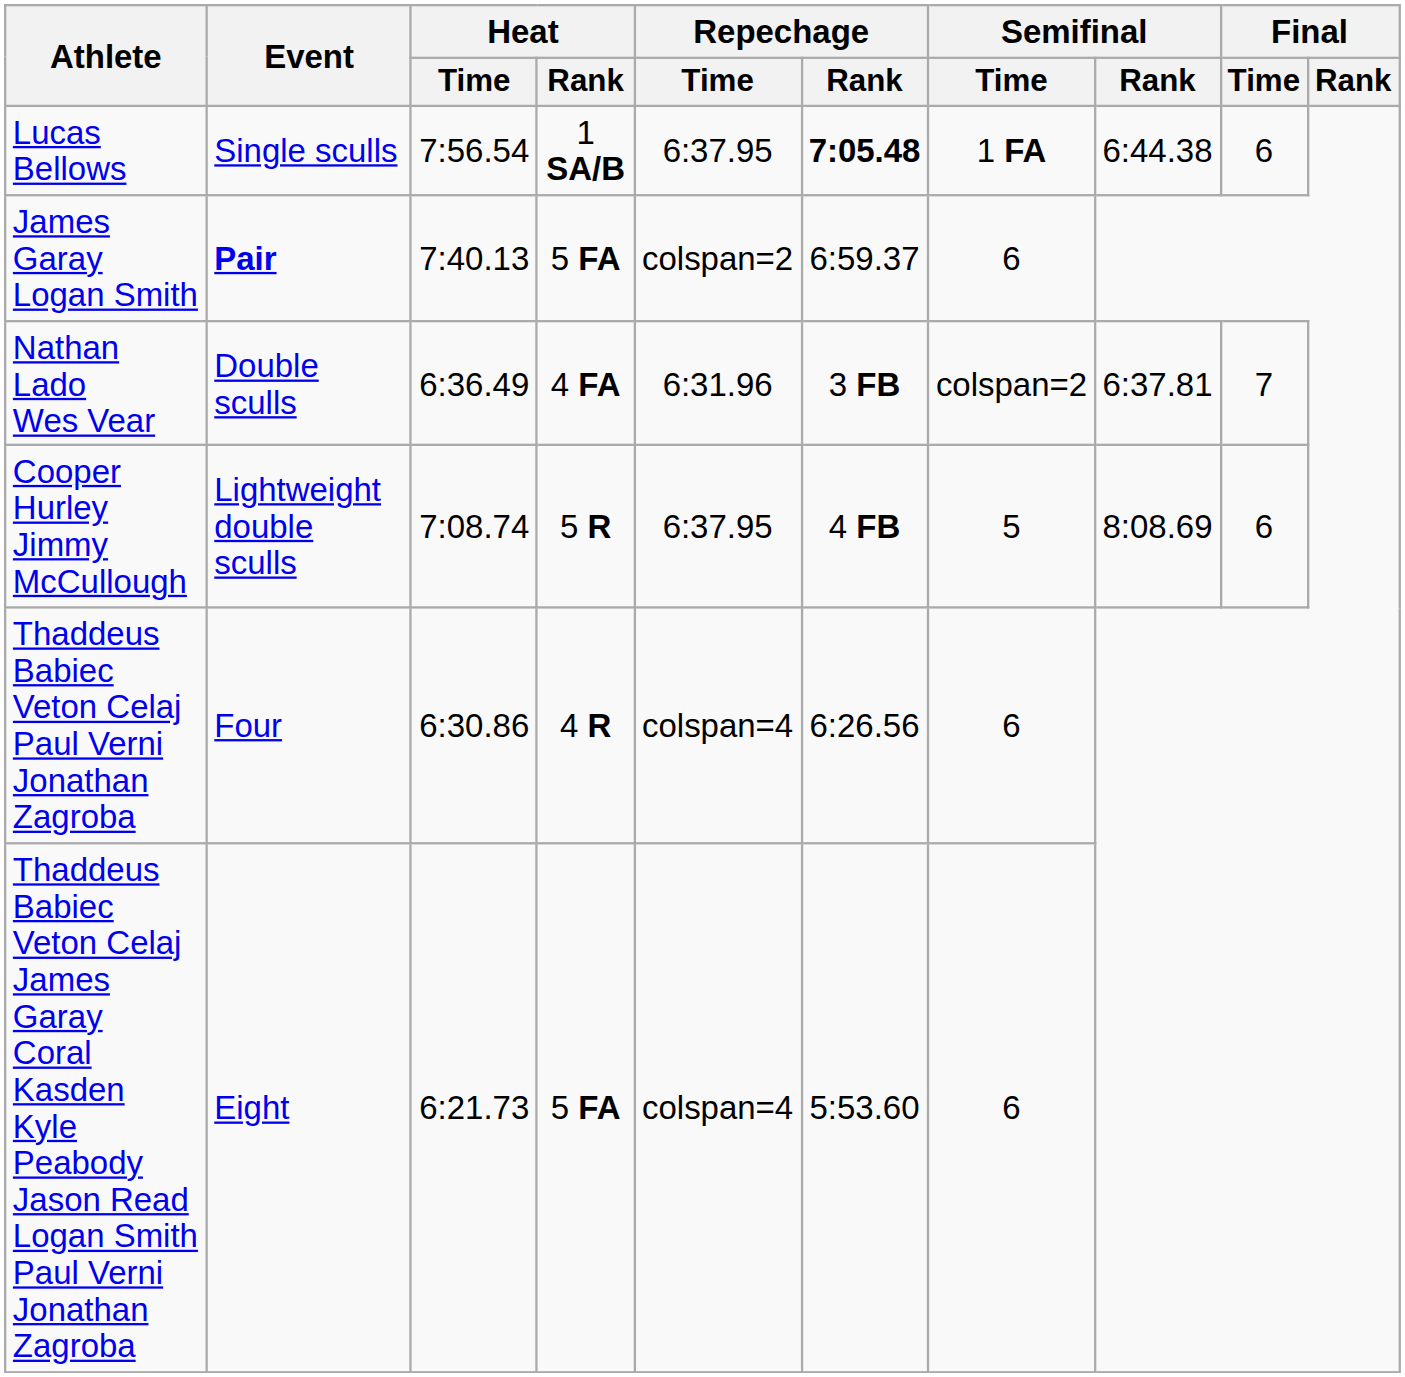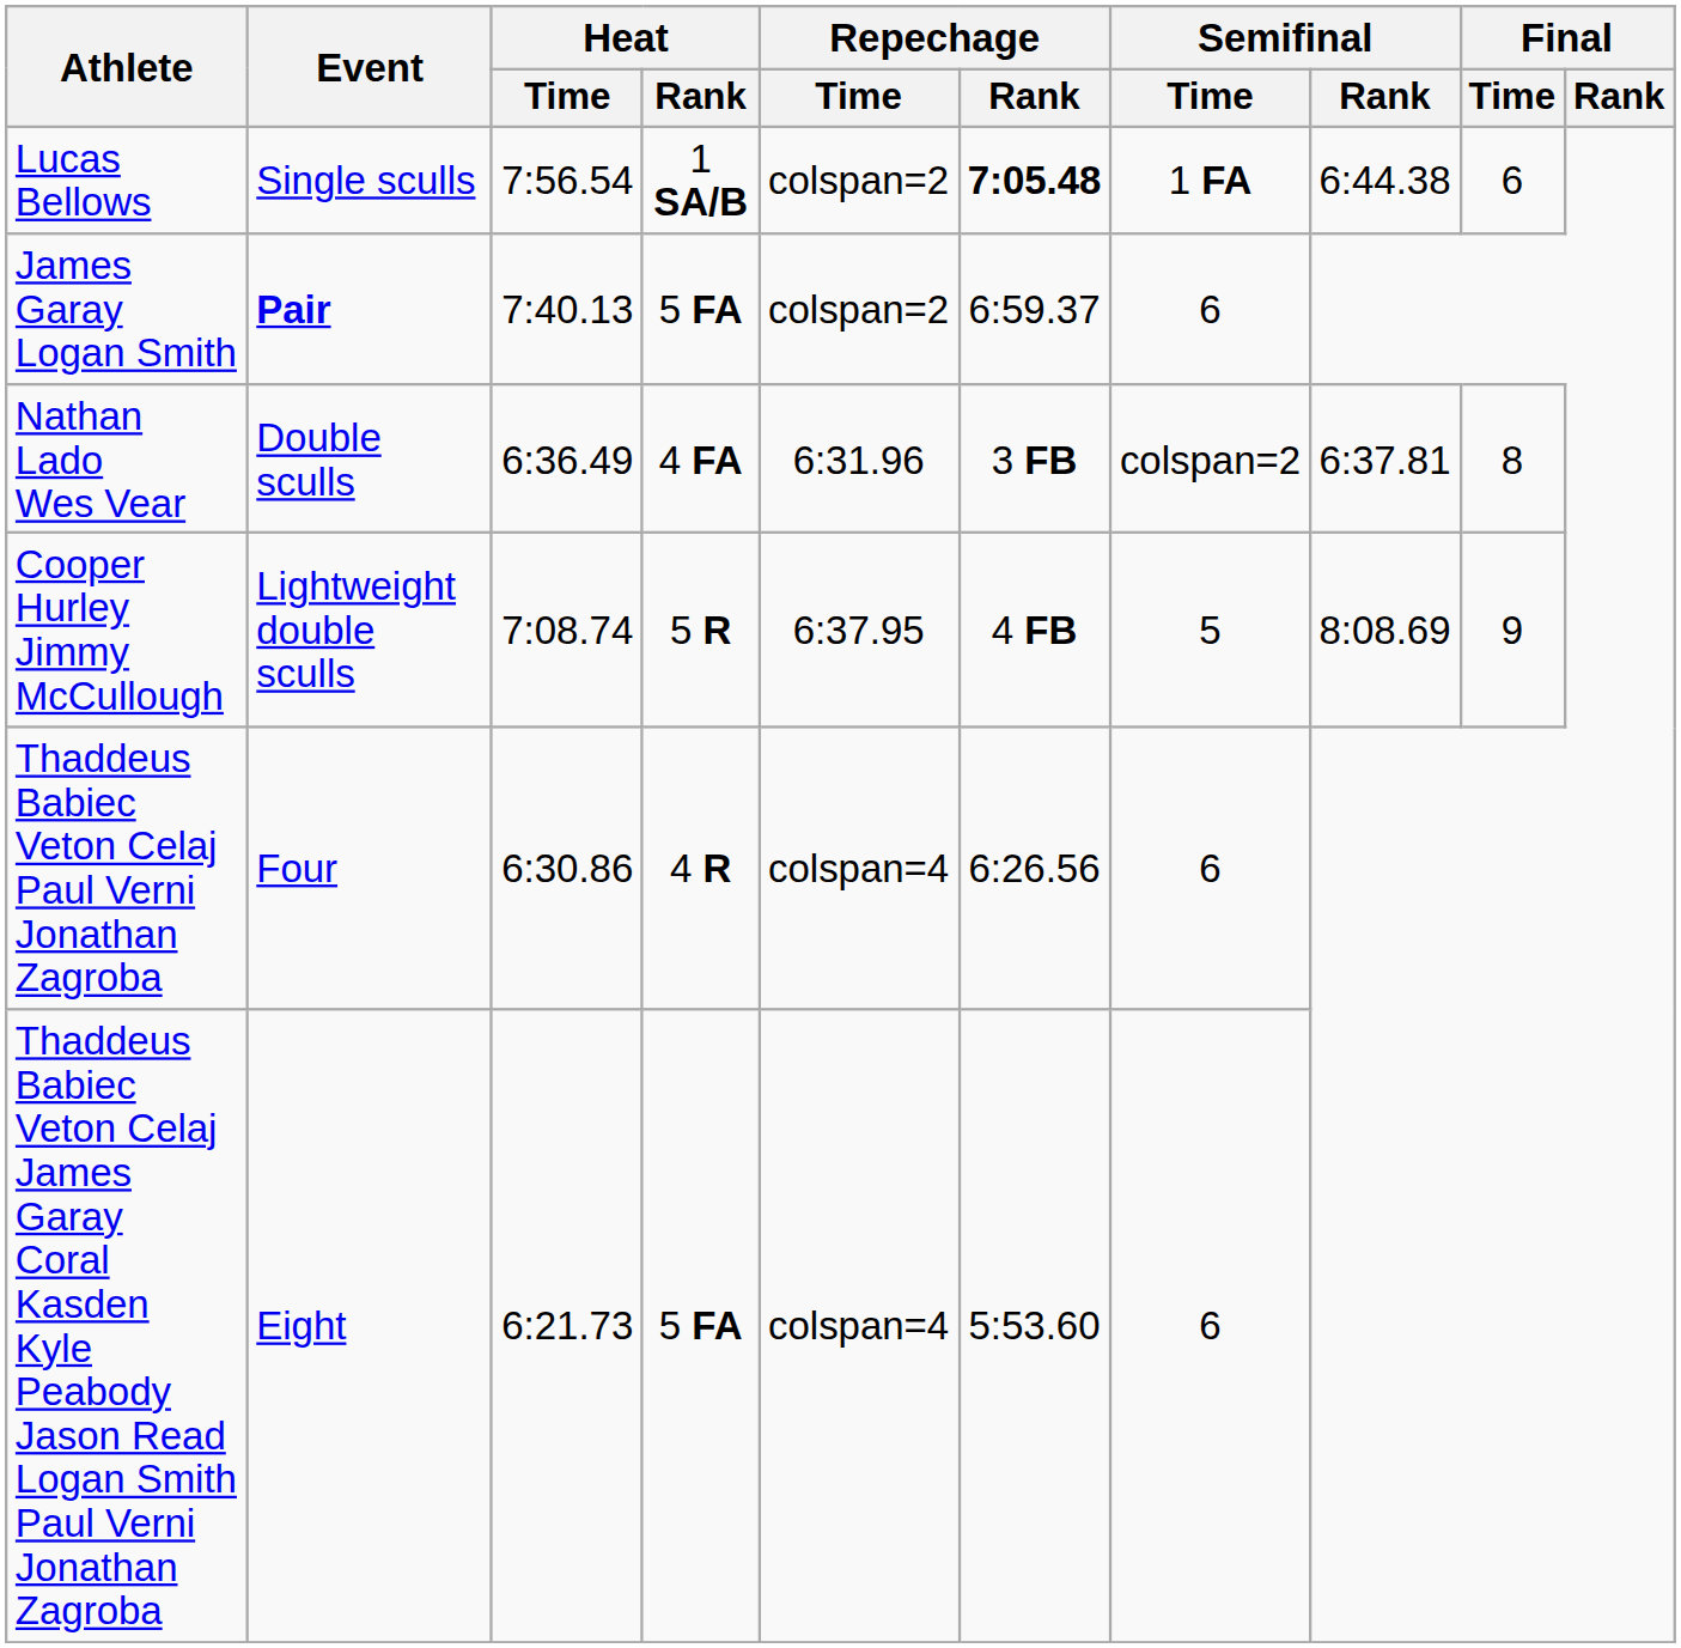 <table class=wikitable style=font-size:90%;text-align:center>
 <tr>
 <th rowspan=2>Athlete</th>
 <th rowspan=2>Event</th>
 <th colspan=2>Heat</th>
 <th colspan=2>Repechage</th>
 <th colspan=2>Semifinal</th>
 <th colspan=2>Final</th>
 </tr>
 <tr style=font-size:95%>
 <th>Time</th>
 <th>Rank</th>
 <th>Time</th>
 <th>Rank</th>
 <th>Time</th>
 <th>Rank</th>
 <th>Time</th>
 <th>Rank</th>
 </tr>
 <tr>
 <td align=left><a href='#'>Lucas Bellows</a></td>
 <td align=left><a href='#'>Single sculls</a></td>
 <td>7:56.54</td>
 <td>1 <strong>SA/B</strong></td>
-<td>6:37.95</td>
+<td>colspan=2 </td>
 <td><strong>7:05.48</strong></td>
 <td>1 <strong>FA</strong></td>
 <td>6:44.38</td>
 <td>6</td>
 </tr>
 <tr>
 <td align=left><a href='#'>James Garay</a><br><a href='#'>Logan Smith</a></td>
 <td align=left><strong><a href='#'>Pair</a></strong></td>
 <td>7:40.13</td>
 <td>5 <strong>FA</strong></td>
 <td>colspan=2 </td>
 <td>6:59.37</td>
 <td>6</td>
 </tr>
 <tr>
 <td align=left><a href='#'>Nathan Lado</a><br><a href='#'>Wes Vear</a></td>
 <td align=left><a href='#'>Double sculls</a></td>
 <td>6:36.49</td>
 <td>4 <strong>FA</strong></td>
 <td>6:31.96</td>
 <td>3 <strong>FB</strong></td>
 <td>colspan=2 </td>
 <td>6:37.81</td>
-<td>7</td>
+<td>8</td>
 </tr>
 <tr>
 <td align=left><a href='#'>Cooper Hurley</a><br><a href='#'>Jimmy McCullough</a></td>
 <td align=left><a href='#'>Lightweight double sculls</a></td>
 <td>7:08.74</td>
 <td>5 <strong>R</strong></td>
 <td>6:37.95</td>
 <td>4 <strong>FB</strong></td>
 <td>5</td>
 <td>8:08.69</td>
-<td>6</td>
+<td>9</td>
 </tr>
 <tr>
 <td align=left><a href='#'>Thaddeus Babiec</a><br><a href='#'>Veton Celaj</a><br><a href='#'>Paul Verni</a><br><a href='#'>Jonathan Zagroba</a></td>
 <td align=left><a href='#'>Four</a></td>
 <td>6:30.86</td>
 <td>4 <strong>R</strong></td>
 <td>colspan=4 </td>
 <td>6:26.56</td>
 <td>6</td>
 </tr>
 <tr>
 <td align=left><a href='#'>Thaddeus Babiec</a><br><a href='#'>Veton Celaj</a><br><a href='#'>James Garay</a><br><a href='#'>Coral Kasden</a><br><a href='#'>Kyle Peabody</a><br><a href='#'>Jason Read</a><br><a href='#'>Logan Smith</a><br><a href='#'>Paul Verni</a><br><a href='#'>Jonathan Zagroba</a></td>
 <td align=left><a href='#'>Eight</a></td>
 <td>6:21.73</td>
 <td>5 <strong>FA</strong></td>
 <td>colspan=4 </td>
 <td>5:53.60</td>
 <td>6</td>
 </tr>
 </table>
